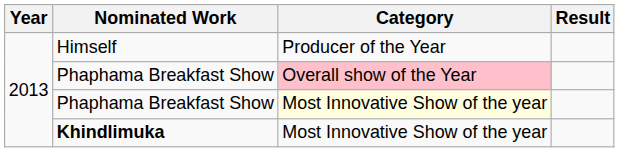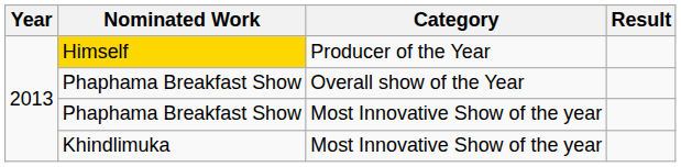 <table class="wikitable">
 <tr>
 <th>Year</th>
 <th>Nominated Work</th>
 <th>Category</th>
 <th>Result</th>
 </tr>
 <tr>
 <td rowspan="14">2013</td>
-<td>Himself</td>
+<td style="background: gold;">Himself</td>
 <td>Producer of the Year</td>
 <td></td>
 </tr>
 <tr>
 <td>Phaphama Breakfast Show</td>
-<td style="background: pink;">Overall show of the Year</td>
+<td>Overall show of the Year</td>
 <td></td>
 </tr>
 <tr>
 <td>Phaphama Breakfast Show</td>
-<td style="background: lightyellow;">Most Innovative Show of the year</td>
+<td>Most Innovative Show of the year</td>
 <td></td>
 </tr>
 <tr>
-<td><strong>Khindlimuka</strong></td>
+<td>Khindlimuka</td>
 <td>Most Innovative Show of the year</td>
 <td></td>
 </tr>
 </table>
